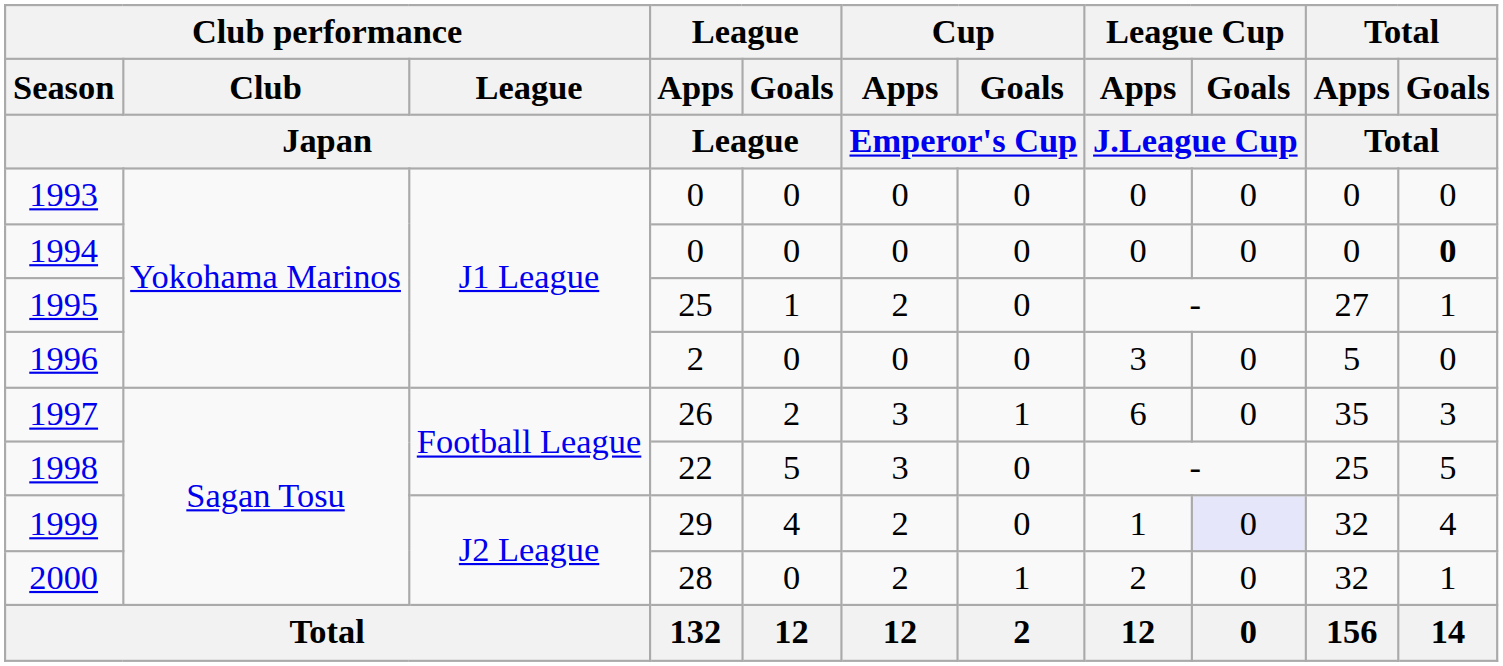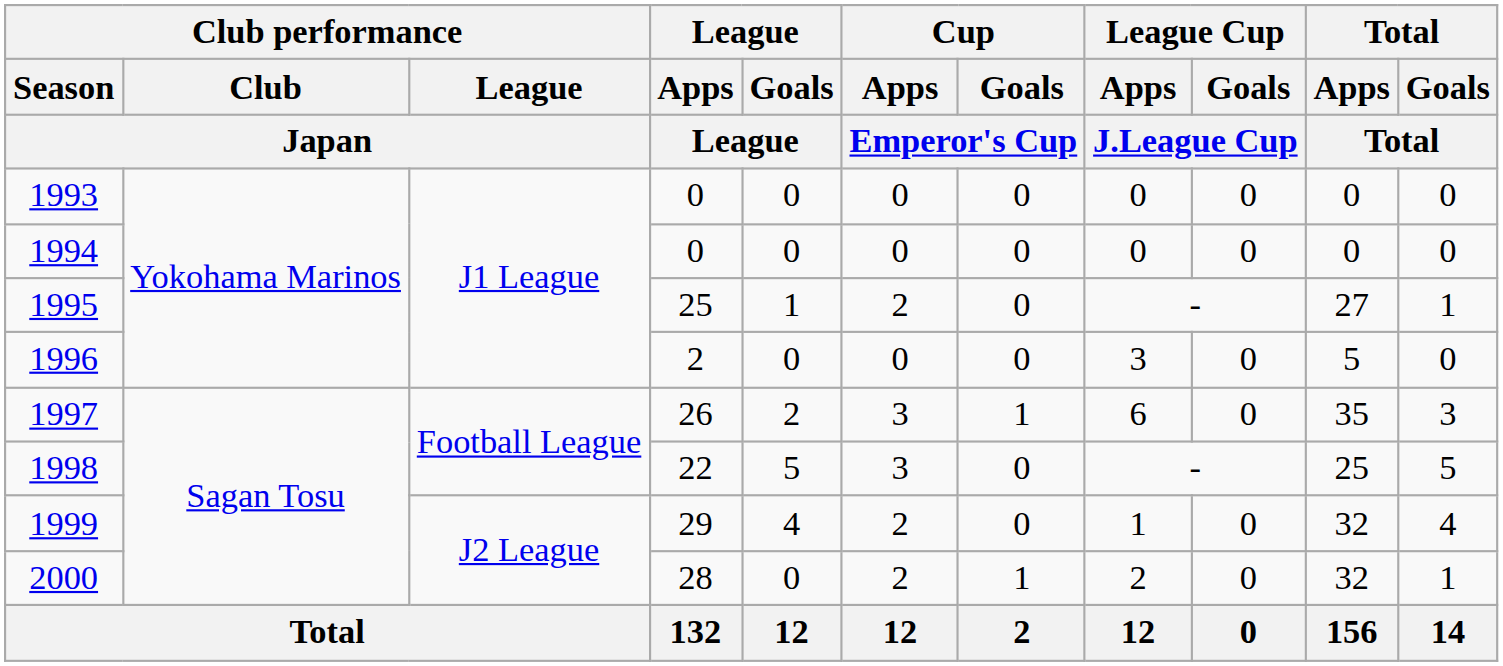 <table class="wikitable" style="text-align:center;">
 <tr>
 <th colspan=3>Club performance</th>
 <th colspan=2>League</th>
 <th colspan=2>Cup</th>
 <th colspan=2>League Cup</th>
 <th colspan=2>Total</th>
 </tr>
 <tr>
 <th>Season</th>
 <th>Club</th>
 <th>League</th>
 <th>Apps</th>
 <th>Goals</th>
 <th>Apps</th>
 <th>Goals</th>
 <th>Apps</th>
 <th>Goals</th>
 <th>Apps</th>
 <th>Goals</th>
 </tr>
 <tr>
 <th colspan=3>Japan</th>
 <th colspan=2>League</th>
 <th colspan=2><a href='#'>Emperor's Cup</a></th>
 <th colspan=2><a href='#'>J.League Cup</a></th>
 <th colspan=2>Total</th>
 </tr>
 <tr>
 <td><a href='#'>1993</a></td>
 <td rowspan="4"><a href='#'>Yokohama Marinos</a></td>
 <td rowspan="4"><a href='#'>J1 League</a></td>
 <td>0</td>
 <td>0</td>
 <td>0</td>
 <td>0</td>
 <td>0</td>
 <td>0</td>
 <td>0</td>
 <td>0</td>
 </tr>
 <tr>
 <td><a href='#'>1994</a></td>
 <td>0</td>
 <td>0</td>
 <td>0</td>
 <td>0</td>
 <td>0</td>
 <td>0</td>
 <td>0</td>
-<td><strong>0</strong></td>
+<td>0</td>
 </tr>
 <tr>
 <td><a href='#'>1995</a></td>
 <td>25</td>
 <td>1</td>
 <td>2</td>
 <td>0</td>
 <td colspan="2">-</td>
 <td>27</td>
 <td>1</td>
 </tr>
 <tr>
 <td><a href='#'>1996</a></td>
 <td>2</td>
 <td>0</td>
 <td>0</td>
 <td>0</td>
 <td>3</td>
 <td>0</td>
 <td>5</td>
 <td>0</td>
 </tr>
 <tr>
 <td><a href='#'>1997</a></td>
 <td rowspan="4"><a href='#'>Sagan Tosu</a></td>
 <td rowspan="2"><a href='#'>Football League</a></td>
 <td>26</td>
 <td>2</td>
 <td>3</td>
 <td>1</td>
 <td>6</td>
 <td>0</td>
 <td>35</td>
 <td>3</td>
 </tr>
 <tr>
 <td><a href='#'>1998</a></td>
 <td>22</td>
 <td>5</td>
 <td>3</td>
 <td>0</td>
 <td colspan="2">-</td>
 <td>25</td>
 <td>5</td>
 </tr>
 <tr>
 <td><a href='#'>1999</a></td>
 <td rowspan="2"><a href='#'>J2 League</a></td>
 <td>29</td>
 <td>4</td>
 <td>2</td>
 <td>0</td>
 <td>1</td>
-<td style="background: lavender;">0</td>
+<td>0</td>
 <td>32</td>
 <td>4</td>
 </tr>
 <tr>
 <td><a href='#'>2000</a></td>
 <td>28</td>
 <td>0</td>
 <td>2</td>
 <td>1</td>
 <td>2</td>
 <td>0</td>
 <td>32</td>
 <td>1</td>
 </tr>
 <tr>
 <th colspan=3>Total</th>
 <th>132</th>
 <th>12</th>
 <th>12</th>
 <th>2</th>
 <th>12</th>
 <th>0</th>
 <th>156</th>
 <th>14</th>
 </tr>
 </table>
